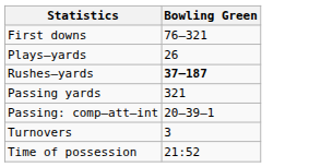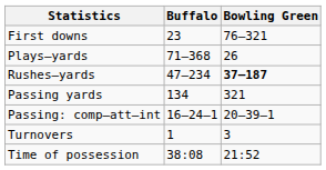 <table class="wikitable" style="float:left">
 <tr>
 <th>Statistics</th>
+<th>Buffalo</th>
 <th>Bowling Green</th>
 </tr>
 <tr>
 <td>First downs</td>
+<td>23</td>
 <td>76–321</td>
 </tr>
 <tr>
 <td>Plays–yards</td>
+<td>71–368</td>
 <td>26</td>
 </tr>
 <tr>
 <td>Rushes–yards</td>
+<td>47–234</td>
 <td><strong>37–187</strong></td>
 </tr>
 <tr>
 <td>Passing yards</td>
+<td>134</td>
 <td>321</td>
 </tr>
 <tr>
 <td>Passing: comp–att–int</td>
+<td>16–24–1</td>
 <td>20–39–1</td>
 </tr>
 <tr>
 <td>Turnovers</td>
+<td>1</td>
 <td>3</td>
 </tr>
 <tr>
 <td>Time of possession</td>
+<td>38:08</td>
 <td>21:52</td>
 </tr>
 </table>
